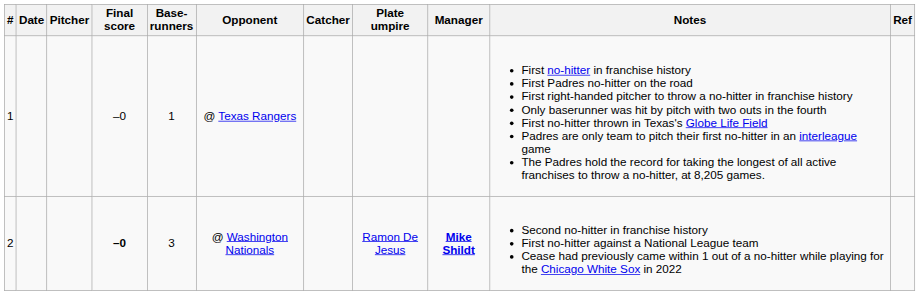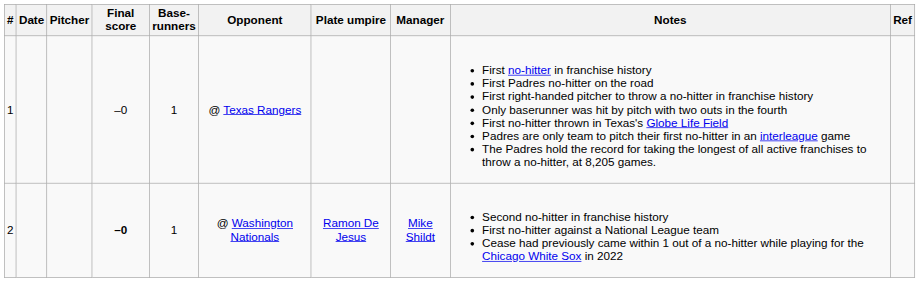 <table class="wikitable sortable" style="text-align:center" border="1">
 <tr>
 <th>#</th>
 <th>Date</th>
 <th>Pitcher</th>
 <th>Final score</th>
 <th>Base-<br>runners</th>
 <th>Opponent</th>
-<th>Catcher</th>
 <th>Plate umpire</th>
 <th>Manager</th>
 <th class="unsortable">Notes</th>
 <th class="unsortable">Ref</th>
 </tr>
 <tr>
 <td>1</td>
 <td></td>
 <td></td>
 <td>–0</td>
 <td>1</td>
 <td>@ <a href='#'>Texas Rangers</a></td>
 <td></td>
 <td></td>
-<td></td>
 <td align="left"><br><ul><li>First <a href='#'>no-hitter</a> in franchise history</li><li>First Padres no-hitter on the road</li><li>First right-handed pitcher to throw a no-hitter in franchise history</li><li>Only baserunner was hit by pitch with two outs in the fourth</li><li>First no-hitter thrown in Texas's <a href='#'>Globe Life Field</a></li><li>Padres are only team to pitch their first no-hitter in an <a href='#'>interleague</a> game</li><li>The Padres hold the record for taking the longest of all active franchises to throw a no-hitter, at 8,205 games.</li></ul></td>
 <td></td>
 </tr>
 <tr>
 <td>2</td>
 <td></td>
 <td></td>
 <td><strong>–0</strong></td>
-<td>3</td>
+<td>1</td>
 <td>@ <a href='#'>Washington Nationals</a></td>
-<td></td>
 <td><a href='#'>Ramon De Jesus</a></td>
-<td><strong><a href='#'>Mike Shildt</a></strong></td>
+<td><a href='#'>Mike Shildt</a></td>
 <td align="left"><br><ul><li>Second no-hitter in franchise history</li><li>First no-hitter against a National League team</li><li>Cease had previously came within 1 out of a no-hitter while playing for the <a href='#'>Chicago White Sox</a> in 2022</li></ul></td>
 <td></td>
 </tr>
 </table>
